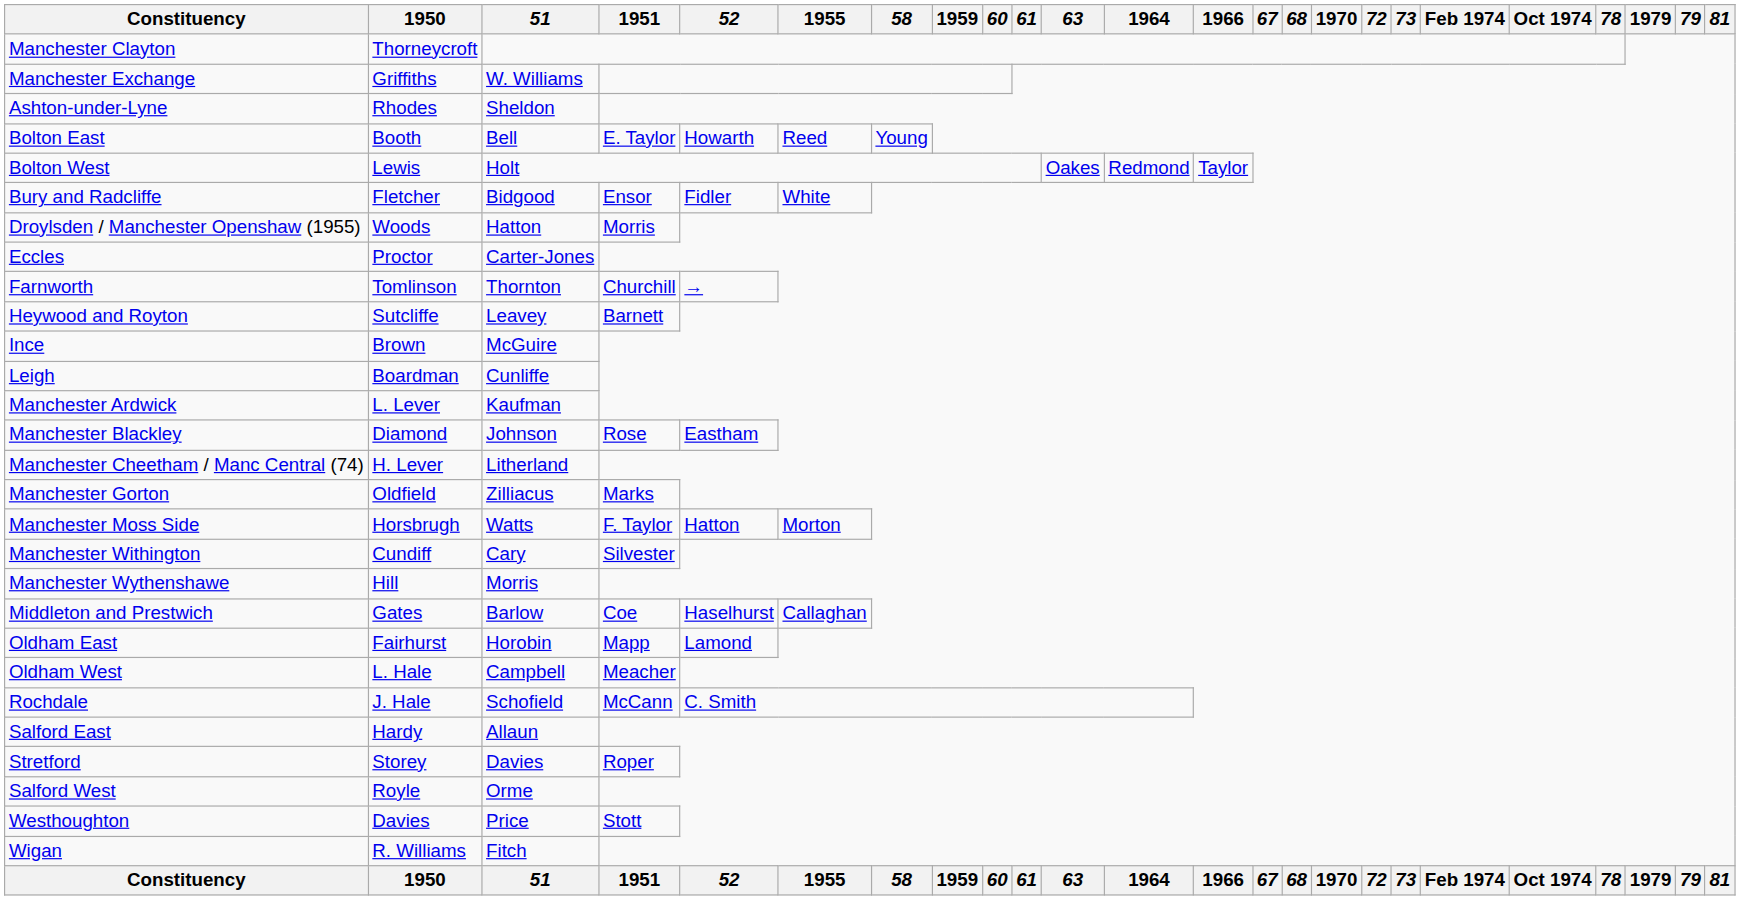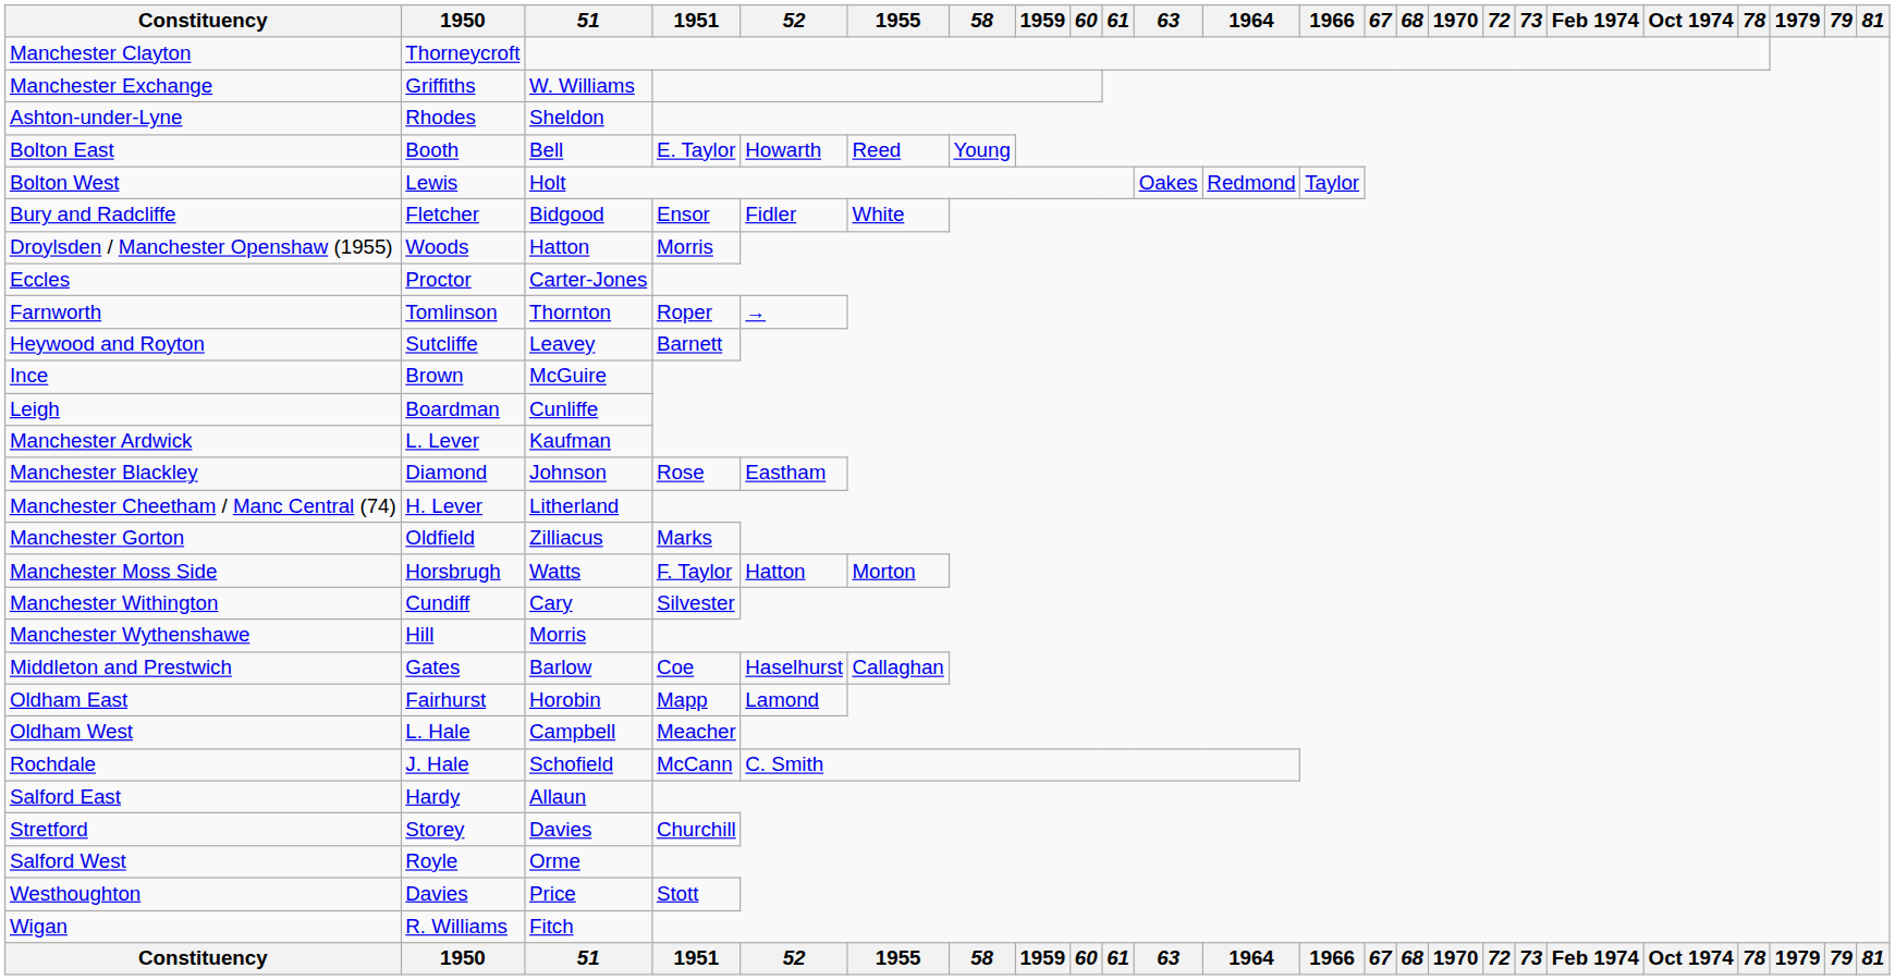 <table class=wikitable>
 <tr>
 <th>Constituency</th>
 <th>1950</th>
 <th><em>51</em></th>
 <th>1951</th>
 <th><em>52</em></th>
 <th>1955</th>
 <th><em>58</em></th>
 <th>1959</th>
 <th><em>60</em></th>
 <th><em>61</em></th>
 <th><em>63</em></th>
 <th>1964</th>
 <th>1966</th>
 <th><em>67</em></th>
 <th><em>68</em></th>
 <th>1970</th>
 <th><em>72</em></th>
 <th><em>73</em></th>
 <th>Feb 1974</th>
 <th>Oct 1974</th>
 <th><em>78</em></th>
 <th>1979</th>
 <th><em>79</em></th>
 <th><em>81</em></th>
 </tr>
 <tr>
 <td><a href='#'>Manchester Clayton</a></td>
 <td><a href='#'>Thorneycroft</a></td>
 <td colspan="19"></td>
 </tr>
 <tr>
 <td><a href='#'>Manchester Exchange</a></td>
 <td><a href='#'>Griffiths</a></td>
 <td><a href='#'>W. Williams</a></td>
 <td colspan="6"></td>
 </tr>
 <tr>
 <td><a href='#'>Ashton-under-Lyne</a></td>
 <td><a href='#'>Rhodes</a></td>
 <td><a href='#'>Sheldon</a></td>
 </tr>
 <tr>
 <td><a href='#'>Bolton East</a></td>
 <td><a href='#'>Booth</a></td>
 <td><a href='#'>Bell</a></td>
 <td><a href='#'>E. Taylor</a></td>
 <td><a href='#'>Howarth</a></td>
 <td><a href='#'>Reed</a></td>
 <td><a href='#'>Young</a></td>
 </tr>
 <tr>
 <td><a href='#'>Bolton West</a></td>
 <td><a href='#'>Lewis</a></td>
 <td colspan="8"><a href='#'>Holt</a></td>
 <td><a href='#'>Oakes</a></td>
 <td><a href='#'>Redmond</a></td>
 <td><a href='#'>Taylor</a></td>
 </tr>
 <tr>
 <td><a href='#'>Bury and Radcliffe</a></td>
 <td><a href='#'>Fletcher</a></td>
 <td><a href='#'>Bidgood</a></td>
 <td><a href='#'>Ensor</a></td>
 <td><a href='#'>Fidler</a></td>
 <td><a href='#'>White</a></td>
 </tr>
 <tr>
 <td><a href='#'>Droylsden</a> / <a href='#'>Manchester Openshaw</a> (1955)</td>
 <td><a href='#'>Woods</a></td>
 <td><a href='#'>Hatton</a></td>
 <td><a href='#'>Morris</a></td>
 </tr>
 <tr>
 <td><a href='#'>Eccles</a></td>
 <td><a href='#'>Proctor</a></td>
 <td><a href='#'>Carter-Jones</a></td>
 </tr>
 <tr>
 <td><a href='#'>Farnworth</a></td>
 <td><a href='#'>Tomlinson</a></td>
 <td><a href='#'>Thornton</a></td>
-<td><a href='#'>Churchill</a></td>
+<td><a href='#'>Roper</a></td>
 <td><a href='#'>→</a></td>
 </tr>
 <tr>
 <td><a href='#'>Heywood and Royton</a></td>
 <td><a href='#'>Sutcliffe</a></td>
 <td><a href='#'>Leavey</a></td>
 <td><a href='#'>Barnett</a></td>
 </tr>
 <tr>
 <td><a href='#'>Ince</a></td>
 <td><a href='#'>Brown</a></td>
 <td><a href='#'>McGuire</a></td>
 </tr>
 <tr>
 <td><a href='#'>Leigh</a></td>
 <td><a href='#'>Boardman</a></td>
 <td><a href='#'>Cunliffe</a></td>
 </tr>
 <tr>
 <td><a href='#'>Manchester Ardwick</a></td>
 <td><a href='#'>L. Lever</a></td>
 <td><a href='#'>Kaufman</a></td>
 </tr>
 <tr>
 <td><a href='#'>Manchester Blackley</a></td>
 <td><a href='#'>Diamond</a></td>
 <td><a href='#'>Johnson</a></td>
 <td><a href='#'>Rose</a></td>
 <td><a href='#'>Eastham</a></td>
 </tr>
 <tr>
 <td><a href='#'>Manchester Cheetham</a> / <a href='#'>Manc Central</a> (74)</td>
 <td><a href='#'>H. Lever</a></td>
 <td><a href='#'>Litherland</a></td>
 </tr>
 <tr>
 <td><a href='#'>Manchester Gorton</a></td>
 <td><a href='#'>Oldfield</a></td>
 <td><a href='#'>Zilliacus</a></td>
 <td><a href='#'>Marks</a></td>
 </tr>
 <tr>
 <td><a href='#'>Manchester Moss Side</a></td>
 <td><a href='#'>Horsbrugh</a></td>
 <td><a href='#'>Watts</a></td>
 <td><a href='#'>F. Taylor</a></td>
 <td><a href='#'>Hatton</a></td>
 <td><a href='#'>Morton</a></td>
 </tr>
 <tr>
 <td><a href='#'>Manchester Withington</a></td>
 <td><a href='#'>Cundiff</a></td>
 <td><a href='#'>Cary</a></td>
 <td><a href='#'>Silvester</a></td>
 </tr>
 <tr>
 <td><a href='#'>Manchester Wythenshawe</a></td>
 <td><a href='#'>Hill</a></td>
 <td><a href='#'>Morris</a></td>
 </tr>
 <tr>
 <td><a href='#'>Middleton and Prestwich</a></td>
 <td><a href='#'>Gates</a></td>
 <td><a href='#'>Barlow</a></td>
 <td><a href='#'>Coe</a></td>
 <td><a href='#'>Haselhurst</a></td>
 <td><a href='#'>Callaghan</a></td>
 </tr>
 <tr>
 <td><a href='#'>Oldham East</a></td>
 <td><a href='#'>Fairhurst</a></td>
 <td><a href='#'>Horobin</a></td>
 <td><a href='#'>Mapp</a></td>
 <td><a href='#'>Lamond</a></td>
 </tr>
 <tr>
 <td><a href='#'>Oldham West</a></td>
 <td><a href='#'>L. Hale</a></td>
 <td><a href='#'>Campbell</a></td>
 <td><a href='#'>Meacher</a></td>
 </tr>
 <tr>
 <td><a href='#'>Rochdale</a></td>
 <td><a href='#'>J. Hale</a></td>
 <td><a href='#'>Schofield</a></td>
 <td><a href='#'>McCann</a></td>
 <td colspan="8"><a href='#'>C. Smith</a></td>
 </tr>
 <tr>
 <td><a href='#'>Salford East</a></td>
 <td><a href='#'>Hardy</a></td>
 <td><a href='#'>Allaun</a></td>
 </tr>
 <tr>
 <td><a href='#'>Stretford</a></td>
 <td><a href='#'>Storey</a></td>
 <td><a href='#'>Davies</a></td>
-<td><a href='#'>Roper</a></td>
+<td><a href='#'>Churchill</a></td>
 </tr>
 <tr>
 <td><a href='#'>Salford West</a></td>
 <td><a href='#'>Royle</a></td>
 <td><a href='#'>Orme</a></td>
 </tr>
 <tr>
 <td><a href='#'>Westhoughton</a></td>
 <td><a href='#'>Davies</a></td>
 <td><a href='#'>Price</a></td>
 <td><a href='#'>Stott</a></td>
 </tr>
 <tr>
 <td><a href='#'>Wigan</a></td>
 <td><a href='#'>R. Williams</a></td>
 <td><a href='#'>Fitch</a></td>
 </tr>
 <tr>
 <th>Constituency</th>
 <th>1950</th>
 <th><em>51</em></th>
 <th>1951</th>
 <th><em>52</em></th>
 <th>1955</th>
 <th><em>58</em></th>
 <th>1959</th>
 <th><em>60</em></th>
 <th><em>61</em></th>
 <th><em>63</em></th>
 <th>1964</th>
 <th>1966</th>
 <th><em>67</em></th>
 <th><em>68</em></th>
 <th>1970</th>
 <th><em>72</em></th>
 <th><em>73</em></th>
 <th>Feb 1974</th>
 <th>Oct 1974</th>
 <th><em>78</em></th>
 <th>1979</th>
 <th><em>79</em></th>
 <th><em>81</em></th>
 </tr>
 </table>
